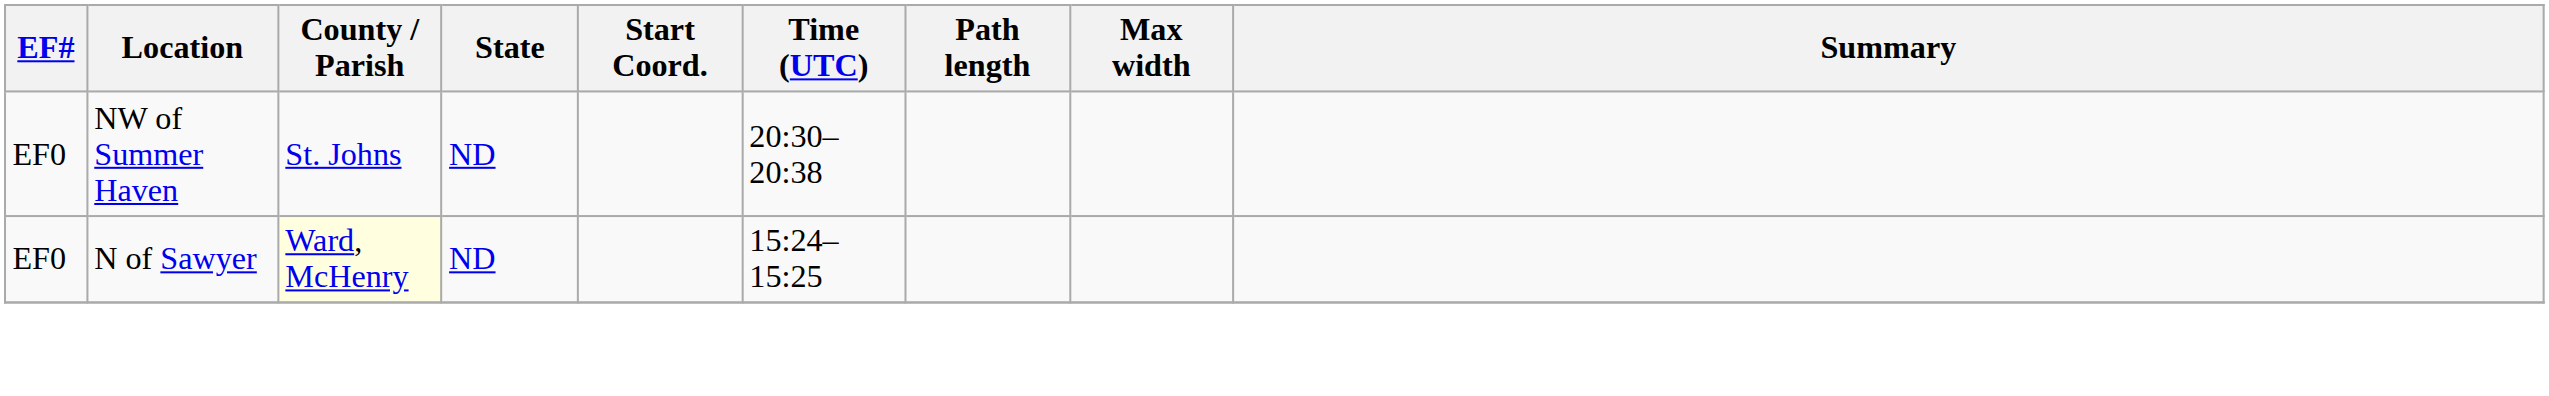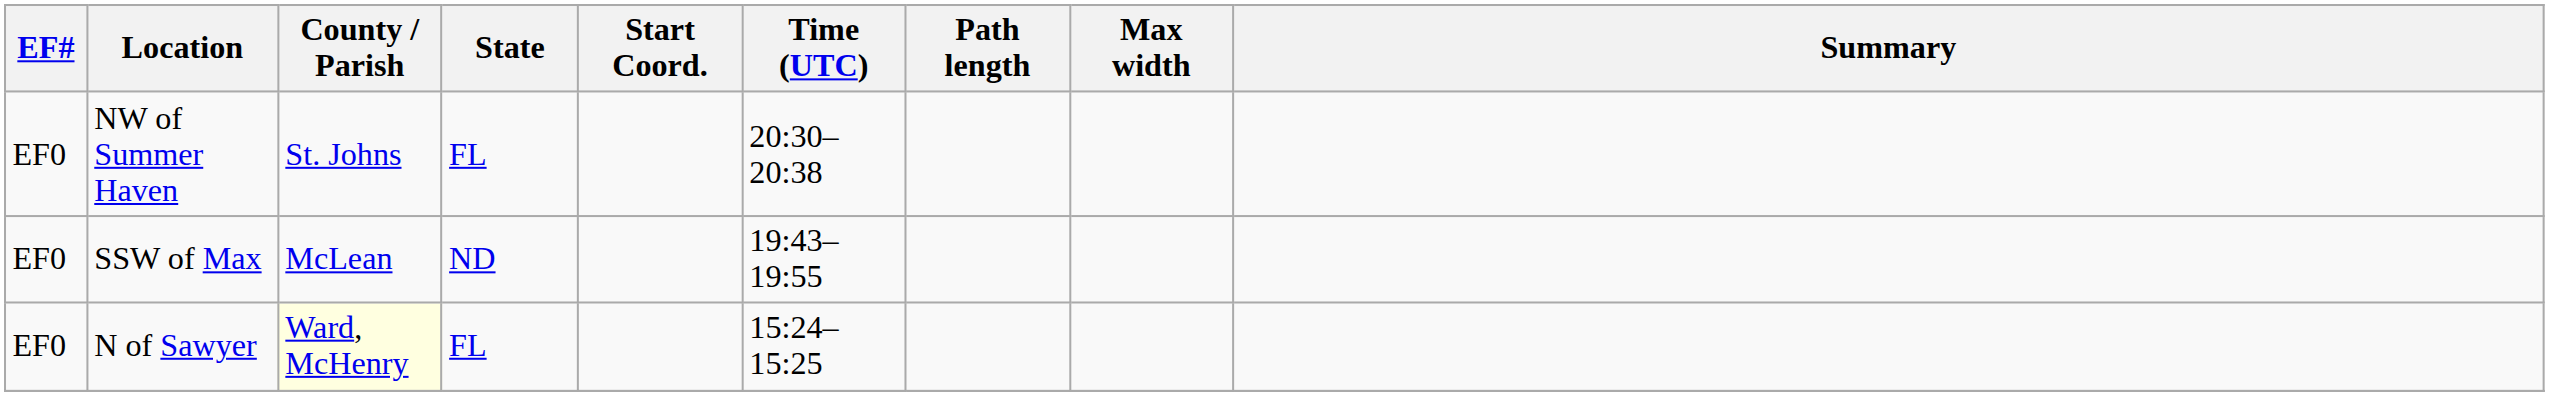 <table class="wikitable sortable" style="width:100%;">
 <tr>
 <th scope="col"  style="width:3%; text-align:center;"><a href='#'>EF#</a></th>
 <th scope="col"  style="width:7%; text-align:center;" class="unsortable">Location</th>
 <th scope="col"  style="width:6%; text-align:center;" class="unsortable">County / Parish</th>
 <th scope="col"  style="width:5%; text-align:center;">State</th>
 <th scope="col"  style="width:6%; text-align:center;">Start Coord.</th>
 <th scope="col"  style="width:6%; text-align:center;">Time (<a href='#'>UTC</a>)</th>
 <th scope="col"  style="width:6%; text-align:center;">Path length</th>
 <th scope="col"  style="width:6%; text-align:center;">Max width</th>
 <th scope="col" class="unsortable" style="width:48%; text-align:center;">Summary</th>
 </tr>
 <tr>
 <td>EF0</td>
 <td>NW of <a href='#'>Summer Haven</a></td>
 <td><a href='#'>St. Johns</a></td>
-<td><a href='#'>ND</a></td>
+<td><a href='#'>FL</a></td>
 <td></td>
 <td>20:30–20:38</td>
 <td></td>
 <td></td>
 <td></td>
 </tr>
 <tr>
 <td>EF0</td>
+<td>SSW of <a href='#'>Max</a></td>
+<td><a href='#'>McLean</a></td>
+<td><a href='#'>ND</a></td>
+<td></td>
+<td>19:43–19:55</td>
+<td></td>
+<td></td>
+<td></td>
+</tr>
+<tr>
+<td>EF0</td>
 <td>N of <a href='#'>Sawyer</a></td>
 <td style="background: lightyellow;"><a href='#'>Ward</a>, <a href='#'>McHenry</a></td>
-<td><a href='#'>ND</a></td>
+<td><a href='#'>FL</a></td>
 <td></td>
 <td>15:24–15:25</td>
 <td></td>
 <td></td>
 <td></td>
 </tr>
 <tr>
 </tr>
 </table>
